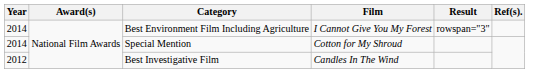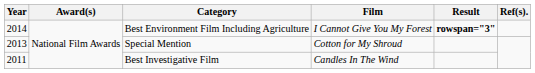 <table class="wikitable">
 <tr>
 <th>Year</th>
 <th>Award(s)</th>
 <th>Category</th>
 <th>Film</th>
 <th>Result</th>
 <th>Ref(s).</th>
 </tr>
 <tr>
 <td>2014</td>
 <td rowspan="3">National Film Awards</td>
 <td>Best Environment Film Including Agriculture</td>
 <td><em>I Cannot Give You My Forest</em></td>
-<td>rowspan="3" </td>
+<td><strong>rowspan="3" </strong></td>
 <td></td>
 </tr>
 <tr>
-<td>2014</td>
+<td>2013</td>
 <td>Special Mention</td>
 <td><em>Cotton for My Shroud</em></td>
 <td></td>
 </tr>
 <tr>
-<td>2012</td>
+<td>2011</td>
 <td>Best Investigative Film</td>
 <td><em>Candles In The Wind</em></td>
 <td></td>
 </tr>
 </table>
